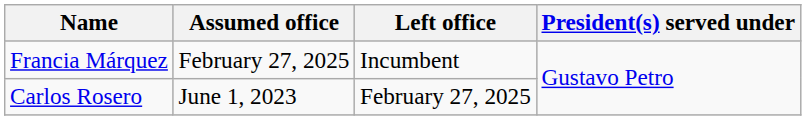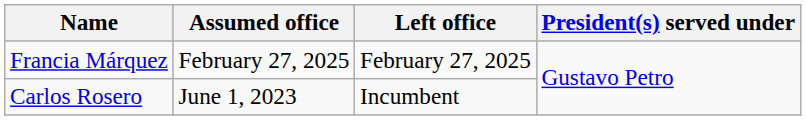 <table class="wikitable">
 <tr>
 <th>Name</th>
 <th>Assumed office</th>
 <th>Left office</th>
 <th><a href='#'>President(s)</a> served under</th>
 </tr>
 <tr>
 <td><a href='#'>Francia Márquez</a></td>
 <td>February 27, 2025</td>
-<td>Incumbent</td>
+<td>February 27, 2025</td>
 <td rowspan="2"><a href='#'>Gustavo Petro</a></td>
 </tr>
 <tr>
 <td><a href='#'>Carlos Rosero</a></td>
 <td>June 1, 2023</td>
-<td>February 27, 2025</td>
+<td>Incumbent</td>
 </tr>
 </table>
